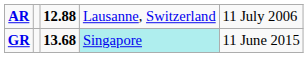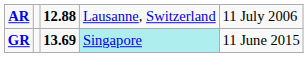 <table class="wikitable" style="font-size:95%; position:relative;">
 <tr>
 <td align=center><strong><a href='#'>AR</a></strong></td>
 <td></td>
 <td><strong>12.88</strong></td>
 <td><a href='#'>Lausanne</a>, <a href='#'>Switzerland</a></td>
 <td>11 July 2006</td>
 </tr>
 <tr>
 <td align=center><strong><a href='#'>GR</a></strong></td>
 <td></td>
-<td><strong>13.68</strong></td>
+<td><strong>13.69</strong></td>
 <td style="background: paleturquoise;"><a href='#'>Singapore</a></td>
 <td>11 June 2015</td>
 </tr>
 </table>
